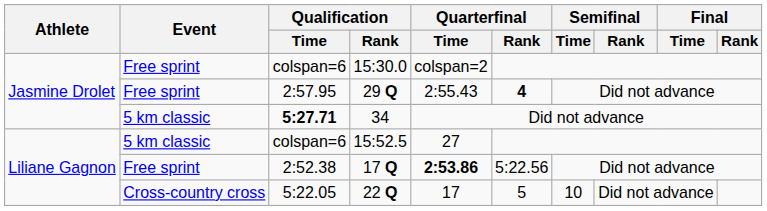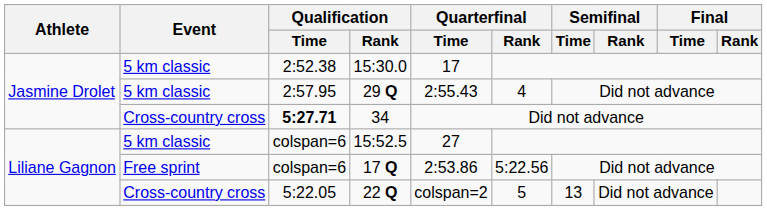 <table class="wikitable" style="font-size:90%">
 <tr>
 <th rowspan="2">Athlete</th>
 <th rowspan="2">Event</th>
 <th colspan="2">Qualification</th>
 <th colspan="2">Quarterfinal</th>
 <th colspan="2">Semifinal</th>
 <th colspan="2">Final</th>
 </tr>
 <tr style="font-size:95%">
 <th>Time</th>
 <th>Rank</th>
 <th>Time</th>
 <th>Rank</th>
 <th>Time</th>
 <th>Rank</th>
 <th>Time</th>
 <th>Rank</th>
 </tr>
 <tr align=center>
 <td align=left rowspan=3><a href='#'>Jasmine Drolet</a></td>
-<td align=left><a href='#'>Free sprint</a></td>
-<td>colspan=6 </td>
+<td align=left><a href='#'>5 km classic</a></td>
+<td>2:52.38</td>
 <td>15:30.0</td>
-<td>colspan=2 </td>
+<td>17</td>
 </tr>
 <tr align=center>
-<td align=left><a href='#'>Free sprint</a></td>
+<td align=left><a href='#'>5 km classic</a></td>
 <td>2:57.95</td>
 <td>29 <strong>Q</strong></td>
 <td>2:55.43</td>
-<td><strong>4</strong></td>
+<td>4</td>
 <td colspan=4>Did not advance</td>
 </tr>
 <tr align=center>
-<td align=left><a href='#'>5 km classic</a></td>
+<td align=left><a href='#'>Cross-country cross</a></td>
 <td><strong>5:27.71</strong></td>
 <td>34</td>
 <td colspan=6>Did not advance</td>
 </tr>
 <tr align=center>
 <td align=left rowspan=3><a href='#'>Liliane Gagnon</a></td>
 <td align=left><a href='#'>5 km classic</a></td>
 <td>colspan=6 </td>
 <td>15:52.5</td>
 <td>27</td>
 </tr>
 <tr align=center>
 <td align=left><a href='#'>Free sprint</a></td>
-<td>2:52.38</td>
+<td>colspan=6 </td>
 <td>17 <strong>Q</strong></td>
-<td><strong>2:53.86</strong></td>
+<td>2:53.86</td>
 <td>5:22.56</td>
 <td colspan=4>Did not advance</td>
 </tr>
 <tr align=center>
 <td align=left><a href='#'>Cross-country cross</a></td>
 <td>5:22.05</td>
 <td>22 <strong>Q</strong></td>
-<td>17</td>
+<td>colspan=2 </td>
 <td>5</td>
-<td>10</td>
+<td>13</td>
 <td colspan=2>Did not advance</td>
 </tr>
 </table>
